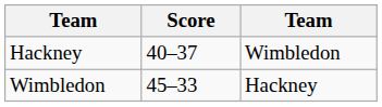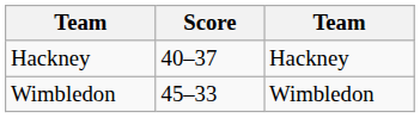 <table class="wikitable" style="font-size: 100%">
 <tr>
 <th width=100>Team</th>
 <th width=70>Score</th>
 <th width=100>Team</th>
 </tr>
 <tr>
 <td>Hackney</td>
 <td>40–37</td>
-<td>Wimbledon</td>
+<td>Hackney</td>
 </tr>
 <tr>
 <td>Wimbledon</td>
 <td>45–33</td>
-<td>Hackney</td>
+<td>Wimbledon</td>
 </tr>
 </table>
